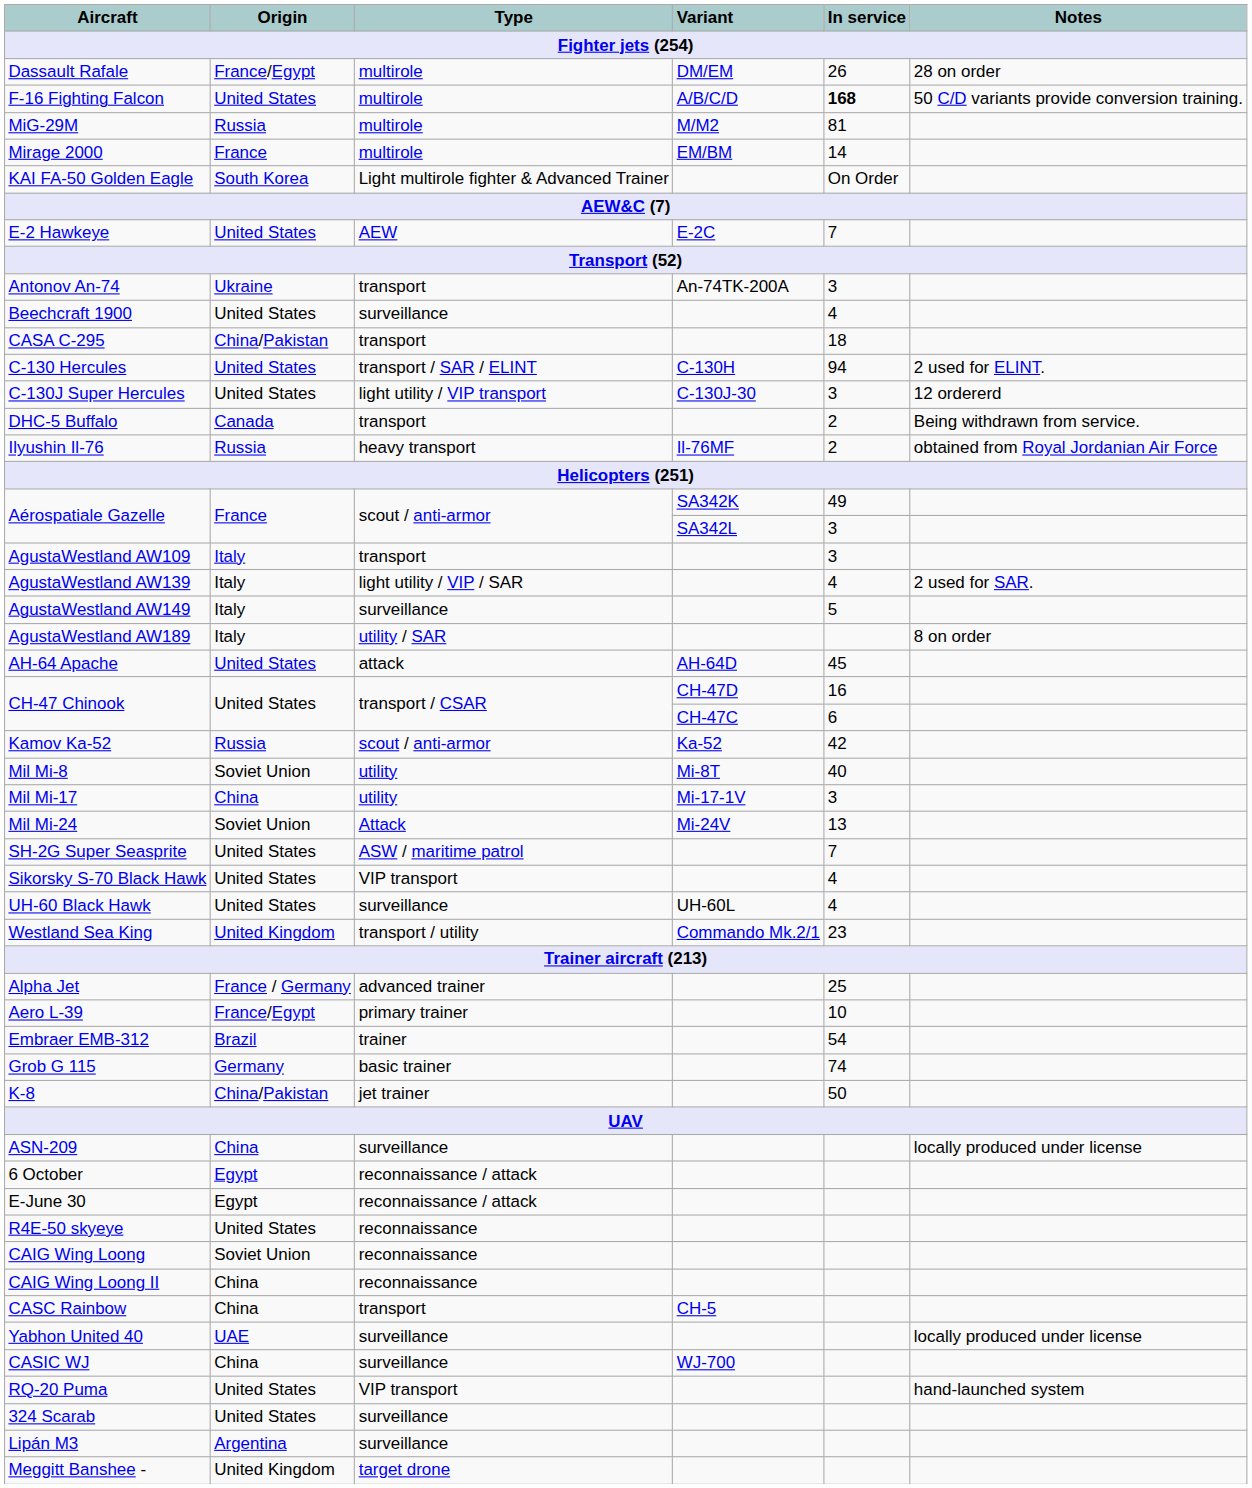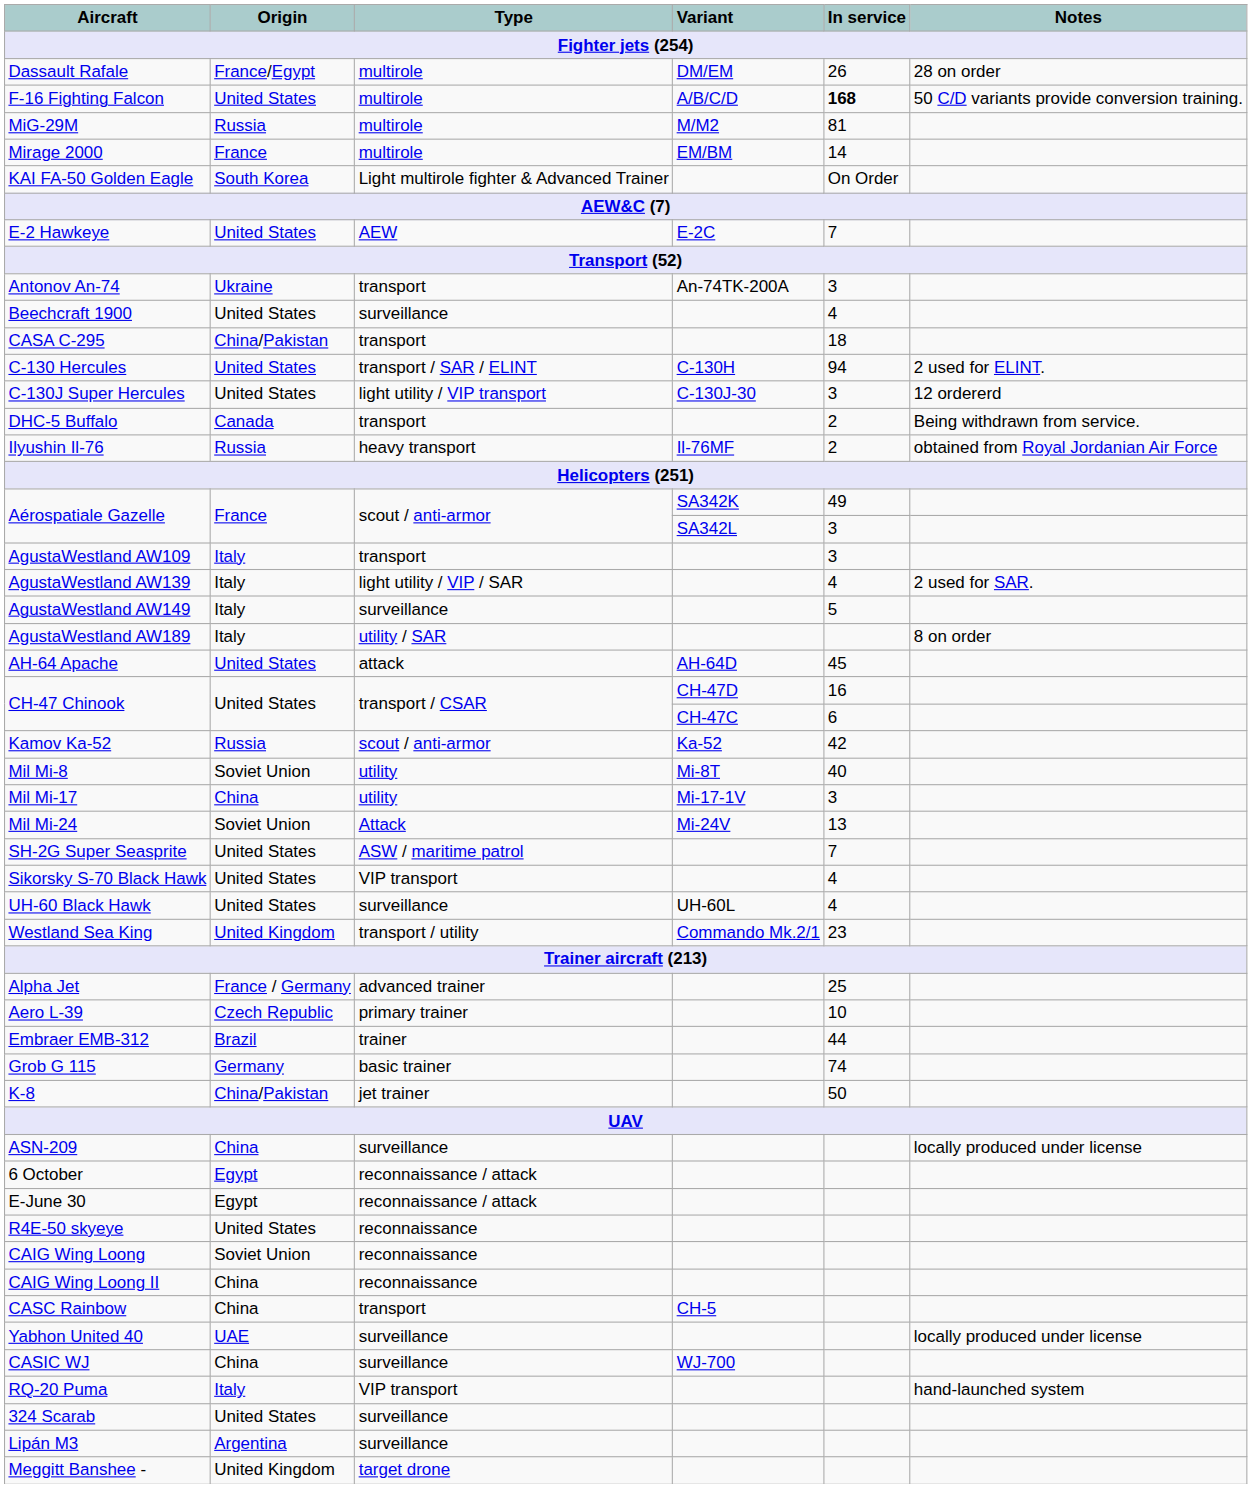 <table class="wikitable">
 <tr>
 <th style="text-align:center; background:#acc;">Aircraft</th>
 <th style="text-align: center; background:#acc;">Origin</th>
 <th style="text-align:l center; background:#acc;">Type</th>
 <th style="text-align:left; background:#acc;">Variant</th>
 <th style="text-align:center; background:#acc;">In service</th>
 <th style="text-align: center; background:#acc;">Notes</th>
 </tr>
 <tr>
 <th style="align: center; background: lavender;" colspan="6"><a href='#'>Fighter jets</a> (254)</th>
 </tr>
 <tr>
 <td><a href='#'>Dassault Rafale</a></td>
 <td><a href='#'>France</a>/<a href='#'>Egypt</a></td>
 <td><a href='#'>multirole</a></td>
 <td><a href='#'>DM/EM</a></td>
 <td>26</td>
 <td>28 on order</td>
 </tr>
 <tr>
 <td><a href='#'>F-16 Fighting Falcon</a></td>
 <td><a href='#'>United States</a></td>
 <td><a href='#'>multirole</a></td>
 <td><a href='#'>A/B/C/D</a></td>
 <td><strong>168</strong></td>
 <td>50 <a href='#'>C/D</a> variants provide conversion training.</td>
 </tr>
 <tr>
 <td><a href='#'>MiG-29M</a></td>
 <td><a href='#'>Russia</a></td>
 <td><a href='#'>multirole</a></td>
 <td><a href='#'>M/M2</a></td>
 <td>81</td>
 <td></td>
 </tr>
 <tr>
 <td><a href='#'>Mirage 2000</a></td>
 <td><a href='#'>France</a></td>
 <td><a href='#'>multirole</a></td>
 <td><a href='#'>EM/BM</a></td>
 <td>14</td>
 <td></td>
 </tr>
 <tr>
 <td><a href='#'>KAI FA-50 Golden Eagle</a></td>
 <td><a href='#'>South Korea</a></td>
 <td>Light multirole fighter & Advanced Trainer</td>
 <td></td>
 <td>On Order</td>
 <td></td>
 </tr>
 <tr>
 <th colspan="6" style="align: center; background: lavender;"><a href='#'>AEW&C</a> (7)</th>
 </tr>
 <tr>
 <td><a href='#'>E-2 Hawkeye</a></td>
 <td><a href='#'>United States</a></td>
 <td><a href='#'>AEW</a></td>
 <td><a href='#'>E-2C</a></td>
 <td>7</td>
 <td></td>
 </tr>
 <tr>
 <th colspan="6" style="align: center; background: lavender;"><a href='#'>Transport</a> (52)</th>
 </tr>
 <tr>
 <td><a href='#'>Antonov An-74</a></td>
 <td><a href='#'>Ukraine</a></td>
 <td>transport</td>
 <td>An-74TK-200A</td>
 <td>3</td>
 <td></td>
 </tr>
 <tr>
 <td><a href='#'>Beechcraft 1900</a></td>
 <td>United States</td>
 <td>surveillance</td>
 <td></td>
 <td>4</td>
 <td></td>
 </tr>
 <tr>
 <td><a href='#'>CASA C-295</a></td>
 <td><a href='#'>China</a>/<a href='#'>Pakistan</a></td>
 <td>transport</td>
 <td></td>
 <td>18</td>
 <td></td>
 </tr>
 <tr>
 <td><a href='#'>C-130 Hercules</a></td>
 <td><a href='#'>United States</a></td>
 <td>transport / <a href='#'>SAR</a> / <a href='#'>ELINT</a></td>
 <td><a href='#'>C-130H</a></td>
 <td>94</td>
 <td>2 used for <a href='#'>ELINT</a>.</td>
 </tr>
 <tr>
 <td><a href='#'>C-130J Super Hercules</a></td>
 <td>United States</td>
 <td>light utility / <a href='#'>VIP transport</a></td>
 <td><a href='#'>C-130J-30</a></td>
 <td>3</td>
 <td>12 ordererd</td>
 </tr>
 <tr>
 <td><a href='#'>DHC-5 Buffalo</a></td>
 <td><a href='#'>Canada</a></td>
 <td>transport</td>
 <td></td>
 <td>2</td>
 <td>Being withdrawn from service.</td>
 </tr>
 <tr>
 <td><a href='#'>Ilyushin Il-76</a></td>
 <td><a href='#'>Russia</a></td>
 <td>heavy transport</td>
 <td><a href='#'>Il-76MF</a></td>
 <td>2</td>
 <td>obtained from <a href='#'>Royal Jordanian Air Force</a></td>
 </tr>
 <tr>
 <th colspan="6" style="align: center; background: lavender;"><a href='#'>Helicopters</a> (251)</th>
 </tr>
 <tr>
 <td rowspan="2"><a href='#'>Aérospatiale Gazelle</a></td>
 <td rowspan="2"><a href='#'>France</a></td>
 <td rowspan="2">scout / <a href='#'>anti-armor</a></td>
 <td><a href='#'>SA342K</a></td>
 <td>49</td>
 <td></td>
 </tr>
 <tr>
 <td><a href='#'>SA342L</a></td>
 <td>3</td>
 <td></td>
 </tr>
 <tr>
 <td><a href='#'>AgustaWestland AW109</a></td>
 <td><a href='#'>Italy</a></td>
 <td>transport</td>
 <td></td>
 <td>3</td>
 <td></td>
 </tr>
 <tr>
 <td><a href='#'>AgustaWestland AW139</a></td>
 <td>Italy</td>
 <td>light utility / <a href='#'>VIP</a> / SAR</td>
 <td></td>
 <td>4</td>
 <td>2 used for <a href='#'>SAR</a>.</td>
 </tr>
 <tr>
 <td><a href='#'>AgustaWestland AW149</a></td>
 <td>Italy</td>
 <td>surveillance</td>
 <td></td>
 <td>5</td>
 <td></td>
 </tr>
 <tr>
 <td><a href='#'>AgustaWestland AW189</a></td>
 <td>Italy</td>
 <td><a href='#'>utility</a> / <a href='#'>SAR</a></td>
 <td></td>
 <td></td>
 <td>8 on order</td>
 </tr>
 <tr>
 <td><a href='#'>AH-64 Apache</a></td>
 <td><a href='#'>United States</a></td>
 <td>attack</td>
 <td><a href='#'>AH-64D</a></td>
 <td>45</td>
 </tr>
 <tr>
 <td rowspan="2"><a href='#'>CH-47 Chinook</a></td>
 <td rowspan="2">United States</td>
 <td rowspan="2">transport / <a href='#'>CSAR</a></td>
 <td><a href='#'>CH-47D</a></td>
 <td>16</td>
 <td></td>
 </tr>
 <tr>
 <td><a href='#'>CH-47C</a></td>
 <td>6</td>
 <td></td>
 </tr>
 <tr>
 <td><a href='#'>Kamov Ka-52</a></td>
 <td><a href='#'>Russia</a></td>
 <td><a href='#'>scout</a> / <a href='#'>anti-armor</a></td>
 <td><a href='#'>Ka-52</a></td>
 <td>42</td>
 <td></td>
 </tr>
 <tr>
 <td><a href='#'>Mil Mi-8</a></td>
 <td>Soviet Union</td>
 <td><a href='#'>utility</a></td>
 <td><a href='#'>Mi-8T</a></td>
 <td>40</td>
 <td></td>
 </tr>
 <tr>
 <td><a href='#'>Mil Mi-17</a></td>
 <td><a href='#'>China</a></td>
 <td><a href='#'>utility</a></td>
 <td><a href='#'>Mi-17-1V</a></td>
 <td>3</td>
 <td></td>
 </tr>
 <tr>
 <td><a href='#'>Mil Mi-24</a></td>
 <td>Soviet Union</td>
 <td><a href='#'>Attack</a></td>
 <td><a href='#'>Mi-24V</a></td>
 <td>13</td>
 <td></td>
 </tr>
 <tr>
 <td><a href='#'>SH-2G Super Seasprite</a></td>
 <td>United States</td>
 <td><a href='#'>ASW</a> / <a href='#'>maritime patrol</a></td>
 <td></td>
 <td>7</td>
 <td></td>
 </tr>
 <tr>
 <td><a href='#'>Sikorsky S-70 Black Hawk</a></td>
 <td>United States</td>
 <td>VIP transport</td>
 <td></td>
 <td>4</td>
 <td></td>
 </tr>
 <tr>
 <td><a href='#'>UH-60 Black Hawk</a></td>
 <td>United States</td>
 <td>surveillance</td>
 <td>UH-60L</td>
 <td>4</td>
 <td></td>
 </tr>
 <tr>
 <td><a href='#'>Westland Sea King</a></td>
 <td><a href='#'>United Kingdom</a></td>
 <td>transport / utility</td>
 <td><a href='#'>Commando Mk.2/1</a></td>
 <td>23</td>
 <td></td>
 </tr>
 <tr>
 <th colspan="6" style="align: center; background: lavender;"><a href='#'>Trainer aircraft</a> (213)</th>
 </tr>
 <tr>
 <td><a href='#'>Alpha Jet</a></td>
 <td><a href='#'>France</a> / <a href='#'>Germany</a></td>
 <td>advanced trainer</td>
 <td></td>
 <td>25</td>
 <td></td>
 </tr>
 <tr>
 <td><a href='#'>Aero L-39</a></td>
-<td><a href='#'>France</a>/<a href='#'>Egypt</a></td>
+<td><a href='#'>Czech Republic</a></td>
 <td>primary trainer</td>
 <td></td>
 <td>10</td>
 <td></td>
 </tr>
 <tr>
 <td><a href='#'>Embraer EMB-312</a></td>
 <td><a href='#'>Brazil</a></td>
 <td>trainer</td>
 <td></td>
-<td>54</td>
+<td>44</td>
 <td></td>
 </tr>
 <tr>
 <td><a href='#'>Grob G 115</a></td>
 <td><a href='#'>Germany</a></td>
 <td>basic trainer</td>
 <td></td>
 <td>74</td>
 <td></td>
 </tr>
 <tr>
 <td><a href='#'>K-8</a></td>
 <td><a href='#'>China</a>/<a href='#'>Pakistan</a></td>
 <td>jet trainer</td>
 <td></td>
 <td>50</td>
 <td></td>
 </tr>
 <tr>
 <th style="align: center; background: lavender;" colspan="6"><a href='#'>UAV</a></th>
 </tr>
 <tr>
 <td><a href='#'>ASN-209</a></td>
 <td><a href='#'>China</a></td>
 <td>surveillance</td>
 <td></td>
 <td></td>
 <td>locally produced under license</td>
 </tr>
 <tr>
 <td>6 October</td>
 <td><a href='#'>Egypt</a></td>
 <td>reconnaissance / attack</td>
 <td></td>
 <td></td>
 <td></td>
 </tr>
 <tr>
 <td>E-June 30</td>
 <td>Egypt</td>
 <td>reconnaissance / attack</td>
 <td></td>
 <td></td>
 <td></td>
 </tr>
 <tr>
 <td><a href='#'>R4E-50 skyeye</a></td>
 <td>United States</td>
 <td>reconnaissance</td>
 <td></td>
 <td></td>
 <td></td>
 </tr>
 <tr>
 <td><a href='#'>CAIG Wing Loong</a></td>
 <td>Soviet Union</td>
 <td>reconnaissance</td>
 <td></td>
 <td></td>
 <td></td>
 </tr>
 <tr>
 <td><a href='#'>CAIG Wing Loong II</a></td>
 <td>China</td>
 <td>reconnaissance</td>
 <td></td>
 <td></td>
 <td></td>
 </tr>
 <tr>
 <td><a href='#'>CASC Rainbow</a></td>
 <td>China</td>
 <td>transport</td>
 <td><a href='#'>CH-5</a></td>
 <td></td>
 <td></td>
 </tr>
 <tr>
 <td><a href='#'>Yabhon United 40</a></td>
 <td><a href='#'>UAE</a></td>
 <td>surveillance</td>
 <td></td>
 <td></td>
 <td>locally produced under license</td>
 </tr>
 <tr>
 <td><a href='#'>CASIC WJ</a></td>
 <td>China</td>
 <td>surveillance</td>
 <td><a href='#'>WJ-700</a></td>
 <td></td>
 <td></td>
 </tr>
 <tr>
 <td><a href='#'>RQ-20 Puma</a></td>
-<td>United States</td>
+<td><a href='#'>Italy</a></td>
 <td>VIP transport</td>
 <td></td>
 <td></td>
 <td>hand-launched system</td>
 </tr>
 <tr>
 <td><a href='#'>324 Scarab</a></td>
 <td>United States</td>
 <td>surveillance</td>
 <td></td>
 <td></td>
 <td></td>
 </tr>
 <tr>
 <td><a href='#'>Lipán M3 </a></td>
 <td><a href='#'>Argentina</a></td>
 <td>surveillance</td>
 <td></td>
 <td></td>
 <td></td>
 </tr>
 <tr>
 <td><a href='#'>Meggitt Banshee</a> -</td>
 <td>United Kingdom</td>
 <td><a href='#'>target drone</a></td>
 <td></td>
 <td></td>
 <td></td>
 </tr>
 </table>
